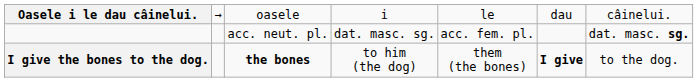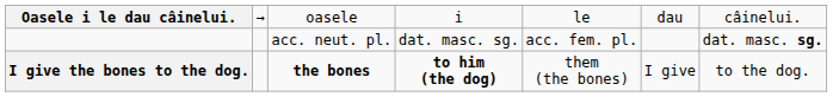 <table class="wikitable" style="text-align: center;">
 <tr>
 <th>Oasele i le dau câinelui.</th>
 <td>→</td>
 <td>oasele</td>
 <td>i</td>
 <td>le</td>
 <td>dau</td>
 <td>câinelui.</td>
 </tr>
 <tr>
 <td></td>
 <td></td>
 <td>acc. neut. pl.</td>
 <td>dat. masc. sg.</td>
 <td>acc. fem. pl.</td>
 <td></td>
 <td>dat. masc. <strong>sg.</strong></td>
 </tr>
 <tr>
 <th>I give the bones to the dog.</th>
 <td></td>
 <td><strong>the bones</strong></td>
-<td>to him<br>(the dog)</td>
+<td><strong>to him<br>(the dog)</strong></td>
 <td>them<br>(the bones)</td>
-<td><strong>I give</strong></td>
+<td>I give</td>
 <td>to the dog.</td>
 </tr>
 </table>
